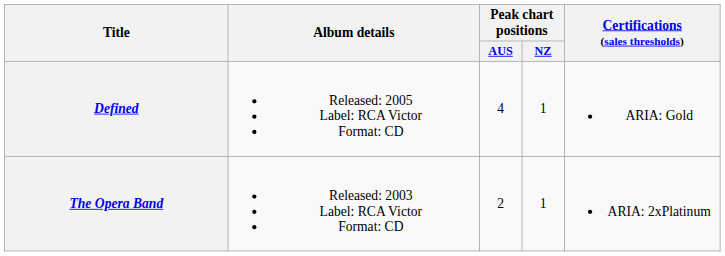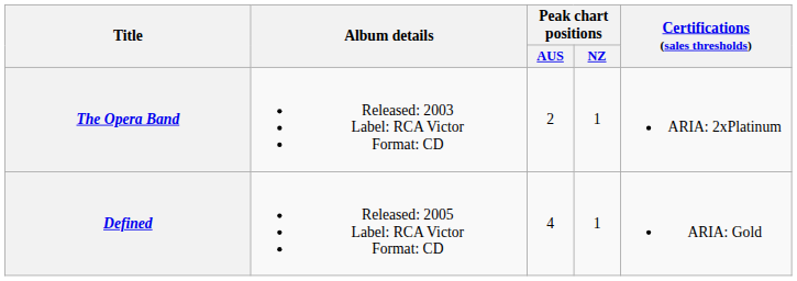 <table class="wikitable plainrowheaders" style="text-align:center;">
 <tr>
 <th scope="col" rowspan="2" style="width:16em;">Title</th>
 <th scope="col" rowspan="2" style="width:18em;">Album details</th>
 <th scope="col" colspan="2">Peak chart positions</th>
 <th scope="col" rowspan="2" style="width:11em;"><a href='#'>Certifications</a><br><small>(<a href='#'>sales thresholds</a>)</small></th>
 </tr>
 <tr>
 <th scope="col" style="width:3em;font-size:90%;"><a href='#'>AUS</a><br></th>
 <th scope="col" style="width:3em;font-size:90%;"><a href='#'>NZ</a><br></th>
 </tr>
 <tr>
+<th scope="row"><em><a href='#'>The Opera Band</a></em></th>
+<td><br><ul><li>Released: 2003</li><li>Label: RCA Victor</li><li>Format: CD</li></ul></td>
+<td align="center">2</td>
+<td>1</td>
+<td><br><ul><li>ARIA: 2xPlatinum</li></ul></td>
+</tr>
+<tr>
 <th scope="row"><em><a href='#'>Defined</a></em></th>
 <td><br><ul><li>Released: 2005</li><li>Label: RCA Victor</li><li>Format: CD</li></ul></td>
 <td align="center">4</td>
 <td>1</td>
 <td><br><ul><li>ARIA: Gold</li></ul></td>
 </tr>
-<tr>
-<th scope="row"><em><a href='#'>The Opera Band</a></em></th>
-<td><br><ul><li>Released: 2003</li><li>Label: RCA Victor</li><li>Format: CD</li></ul></td>
-<td align="center">2</td>
-<td>1</td>
-<td><br><ul><li>ARIA: 2xPlatinum</li></ul></td>
-</tr>
 </table>
